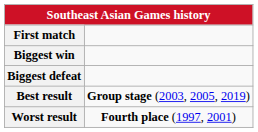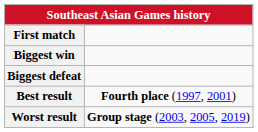 <table class="wikitable collapsible collapsed" style="text-align: center;font-size:90%;">
 <tr>
 <th colspan=6 style="background: #CE1126; color: #FFFFFF;">Southeast Asian Games history</th>
 </tr>
 <tr>
 <th style="text-align: center;">First match</th>
 <td></td>
 </tr>
 <tr>
 <th style="text-align: center;">Biggest win</th>
 <td></td>
 </tr>
 <tr>
 <th style="text-align: center;">Biggest defeat</th>
 <td></td>
 </tr>
 <tr>
 <th style="text-align: center;">Best result</th>
-<td style="text-align:center;"><strong>Group stage</strong> (<a href='#'>2003</a>, <a href='#'>2005</a>, <a href='#'>2019</a>)</td>
+<td style="text-align:center;"><strong>Fourth place</strong> (<a href='#'>1997</a>, <a href='#'>2001</a>)</td>
 </tr>
 <tr>
 <th style="text-align: center;">Worst result</th>
-<td style="text-align:center;"><strong>Fourth place</strong> (<a href='#'>1997</a>, <a href='#'>2001</a>)</td>
+<td style="text-align:center;"><strong>Group stage</strong> (<a href='#'>2003</a>, <a href='#'>2005</a>, <a href='#'>2019</a>)</td>
 </tr>
 </table>
